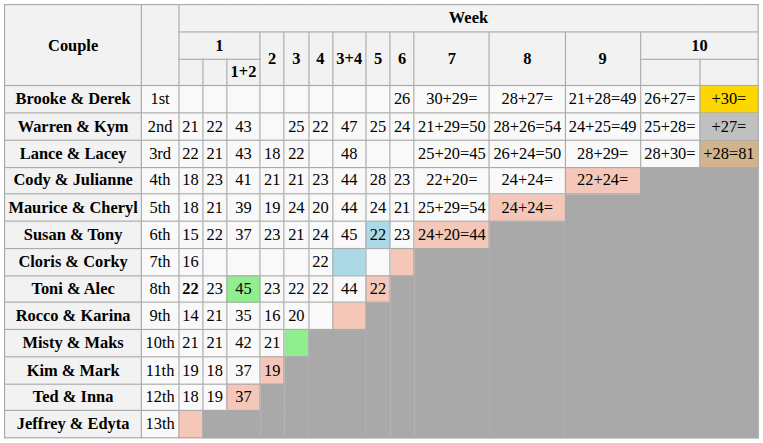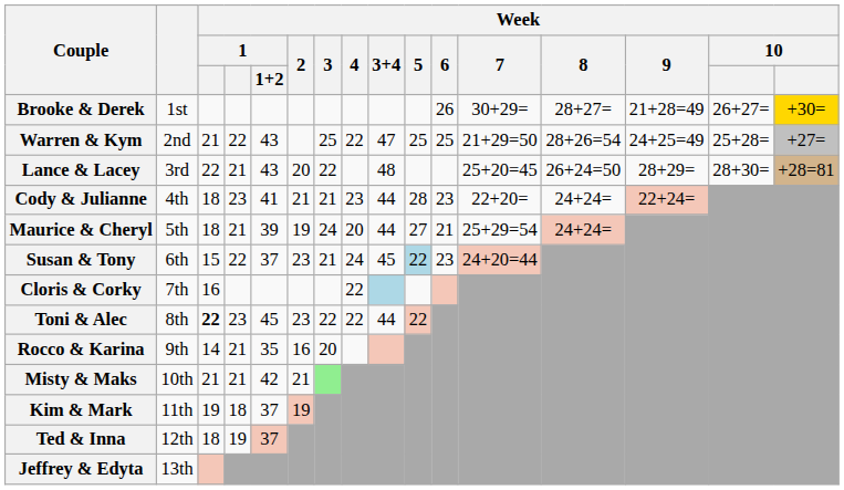 <table class="wikitable sortable" style="text-align:center; font-size:90%">
 <tr>
 <th scope="col" rowspan="3" style="text-align:center;">Couple</th>
 <th scope="col" rowspan="3" style="text-align:center;"></th>
 <th colspan="14" style="text-align:center;">Week</th>
 </tr>
 <tr>
 <th scope="col" colspan="3">1</th>
 <th scope="col" rowspan=2>2</th>
 <th scope="col" rowspan=2>3</th>
 <th scope="col" rowspan=2>4</th>
 <th scope="col" rowspan=2>3+4</th>
 <th scope="col" rowspan=2>5</th>
 <th scope="col" rowspan=2>6</th>
 <th scope="col" rowspan=2>7</th>
 <th scope="col" rowspan=2>8</th>
 <th scope="col" rowspan=2>9</th>
 <th colspan="2" scope="col">10</th>
 </tr>
 <tr>
 <th></th>
 <th></th>
 <th>1+2</th>
 <th></th>
 <th></th>
 </tr>
 <tr>
 <th scope="row">Brooke & Derek</th>
 <td>1st</td>
 <td></td>
 <td></td>
 <td></td>
 <td></td>
 <td></td>
 <td></td>
 <td></td>
 <td></td>
 <td>26</td>
 <td>30+29=</td>
 <td>28+27=</td>
 <td>21+28=49</td>
 <td>26+27=</td>
 <td style="background:gold;" >+30=</td>
 </tr>
 <tr>
 <th scope="row">Warren & Kym</th>
 <td>2nd</td>
 <td>21</td>
 <td>22</td>
 <td>43</td>
 <td></td>
 <td>25</td>
 <td>22</td>
 <td>47</td>
 <td>25</td>
-<td>24</td>
+<td>25</td>
 <td>21+29=50</td>
 <td>28+26=54</td>
 <td>24+25=49</td>
 <td>25+28=</td>
 <td style="background:silver;" >+27=</td>
 </tr>
 <tr>
 <th scope="row">Lance & Lacey</th>
 <td>3rd</td>
 <td>22</td>
 <td>21</td>
 <td>43</td>
-<td>18</td>
+<td>20</td>
 <td>22</td>
 <td></td>
 <td>48</td>
 <td></td>
 <td></td>
 <td>25+20=45</td>
 <td>26+24=50</td>
 <td>28+29=</td>
 <td>28+30=</td>
 <td style="background:tan;" >+28=81</td>
 </tr>
 <tr>
 <th scope="row">Cody & Julianne</th>
 <td>4th</td>
 <td>18</td>
 <td>23</td>
 <td>41</td>
 <td>21</td>
 <td>21</td>
 <td>23</td>
 <td>44</td>
 <td>28</td>
 <td>23</td>
 <td>22+20=</td>
 <td>24+24=</td>
 <td bgcolor=f4c7b8 >22+24=</td>
 <td colspan="2" rowspan="10" style="background:darkgrey;"></td>
 </tr>
 <tr>
 <th scope="row">Maurice & Cheryl</th>
 <td>5th</td>
 <td>18</td>
 <td>21</td>
 <td>39</td>
 <td>19</td>
 <td>24</td>
 <td>20</td>
 <td>44</td>
-<td>24</td>
+<td>27</td>
 <td>21</td>
 <td>25+29=54</td>
 <td bgcolor=f4c7b8 >24+24=</td>
 <td rowspan="9" style="background:darkgrey;"></td>
 </tr>
 <tr>
 <th scope="row">Susan & Tony</th>
 <td>6th</td>
 <td>15</td>
 <td>22</td>
 <td>37</td>
 <td>23</td>
 <td>21</td>
 <td>24</td>
 <td>45</td>
 <td bgcolor=lightblue>22</td>
 <td>23</td>
 <td bgcolor=f4c7b8 >24+20=44</td>
 <td rowspan="8" style="background:darkgrey;"></td>
 </tr>
 <tr>
 <th scope="row">Cloris & Corky</th>
 <td>7th</td>
 <td>16</td>
 <td></td>
 <td></td>
 <td></td>
 <td></td>
 <td>22</td>
 <td bgcolor=lightblue></td>
 <td></td>
 <td bgcolor=f4c7b8></td>
 <td rowspan="7" style="background:darkgrey;"></td>
 </tr>
 <tr>
 <th scope="row">Toni & Alec</th>
 <td>8th</td>
 <td><strong>22</strong></td>
 <td>23</td>
-<td style="background: lightgreen;">45</td>
+<td>45</td>
 <td>23</td>
 <td>22</td>
 <td>22</td>
 <td>44</td>
 <td bgcolor=f4c7b8>22</td>
 <td rowspan="6" style="background:darkgrey;"></td>
 </tr>
 <tr>
 <th scope="row">Rocco & Karina</th>
 <td>9th</td>
 <td>14</td>
 <td>21</td>
 <td>35</td>
 <td>16</td>
 <td>20</td>
 <td></td>
 <td bgcolor=f4c7b8></td>
 <td rowspan="5" style="background:darkgrey;"></td>
 </tr>
 <tr>
 <th scope="row">Misty & Maks</th>
 <td>10th</td>
 <td>21</td>
 <td>21</td>
 <td>42</td>
 <td>21</td>
 <td style="background:lightgreen" ></td>
 <td colspan="2" rowspan="4" style="background:darkgrey;"></td>
 </tr>
 <tr>
 <th scope="row">Kim & Mark</th>
 <td>11th</td>
 <td>19</td>
 <td>18</td>
 <td>37</td>
 <td bgcolor=f4c7b8>19</td>
 <td rowspan="3" style="background:darkgrey;"></td>
 </tr>
 <tr>
 <th scope="row">Ted & Inna</th>
 <td>12th</td>
 <td>18</td>
 <td>19</td>
 <td bgcolor=f4c7b8>37</td>
 <td rowspan="2" style="background:darkgrey;"></td>
 </tr>
 <tr>
 <th scope="row">Jeffrey & Edyta</th>
 <td>13th</td>
 <td bgcolor=f4c7b8></td>
 <td colspan="2" style="background:darkgrey;"></td>
 </tr>
 </table>
